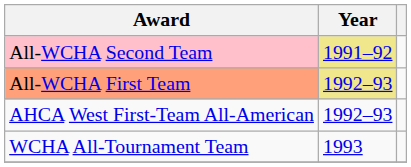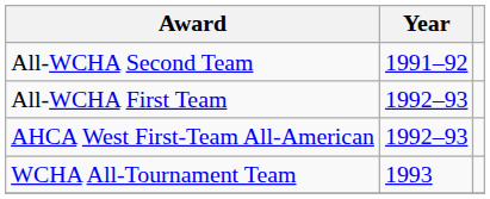 <table class="wikitable">
 <tr>
 <th>Award</th>
 <th>Year</th>
 <th></th>
 </tr>
 <tr>
-<td style="background: pink;">All-<a href='#'>WCHA</a> <a href='#'>Second Team</a></td>
-<td style="background: khaki;"><a href='#'>1991–92</a></td>
+<td>All-<a href='#'>WCHA</a> <a href='#'>Second Team</a></td>
+<td><a href='#'>1991–92</a></td>
 <td></td>
 </tr>
 <tr>
-<td style="background: lightsalmon;">All-<a href='#'>WCHA</a> <a href='#'>First Team</a></td>
-<td style="background: khaki;"><a href='#'>1992–93</a></td>
+<td>All-<a href='#'>WCHA</a> <a href='#'>First Team</a></td>
+<td><a href='#'>1992–93</a></td>
 <td></td>
 </tr>
 <tr>
 <td><a href='#'>AHCA</a> <a href='#'>West First-Team All-American</a></td>
 <td><a href='#'>1992–93</a></td>
 <td></td>
 </tr>
 <tr>
 <td><a href='#'>WCHA</a> <a href='#'>All-Tournament Team</a></td>
 <td><a href='#'>1993</a></td>
 <td></td>
 </tr>
 <tr>
 </tr>
 </table>
